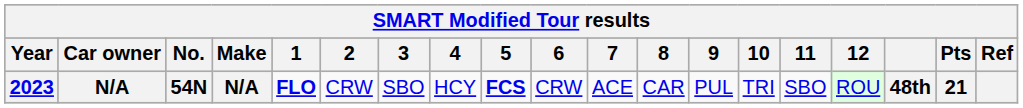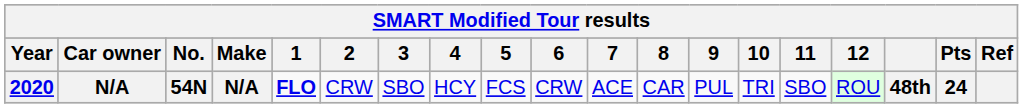 <table class="wikitable" style="text-align:center; font-size:75%">
 <tr>
 <th colspan=38><a href='#'>SMART Modified Tour</a> results</th>
 </tr>
 <tr>
 <th>Year</th>
 <th>Car owner</th>
 <th>No.</th>
 <th>Make</th>
 <th>1</th>
 <th>2</th>
 <th>3</th>
 <th>4</th>
 <th>5</th>
 <th>6</th>
 <th>7</th>
 <th>8</th>
 <th>9</th>
 <th>10</th>
 <th>11</th>
 <th>12</th>
 <th></th>
 <th>Pts</th>
 <th>Ref</th>
 </tr>
 <tr>
-<th><a href='#'>2023</a></th>
+<th><a href='#'>2020</a></th>
 <th>N/A</th>
 <th>54N</th>
 <th>N/A</th>
 <td><strong><a href='#'>FLO</a></strong></td>
 <td><a href='#'>CRW</a></td>
 <td><a href='#'>SBO</a></td>
 <td><a href='#'>HCY</a></td>
-<td><strong><a href='#'>FCS</a></strong></td>
+<td><a href='#'>FCS</a></td>
 <td><a href='#'>CRW</a></td>
 <td><a href='#'>ACE</a></td>
 <td><a href='#'>CAR</a></td>
 <td><a href='#'>PUL</a></td>
 <td><a href='#'>TRI</a></td>
 <td><a href='#'>SBO</a></td>
 <td style="background:#DFFFDF;"><a href='#'>ROU</a><br></td>
 <th>48th</th>
-<th>21</th>
+<th>24</th>
 <th></th>
 </tr>
 </table>
